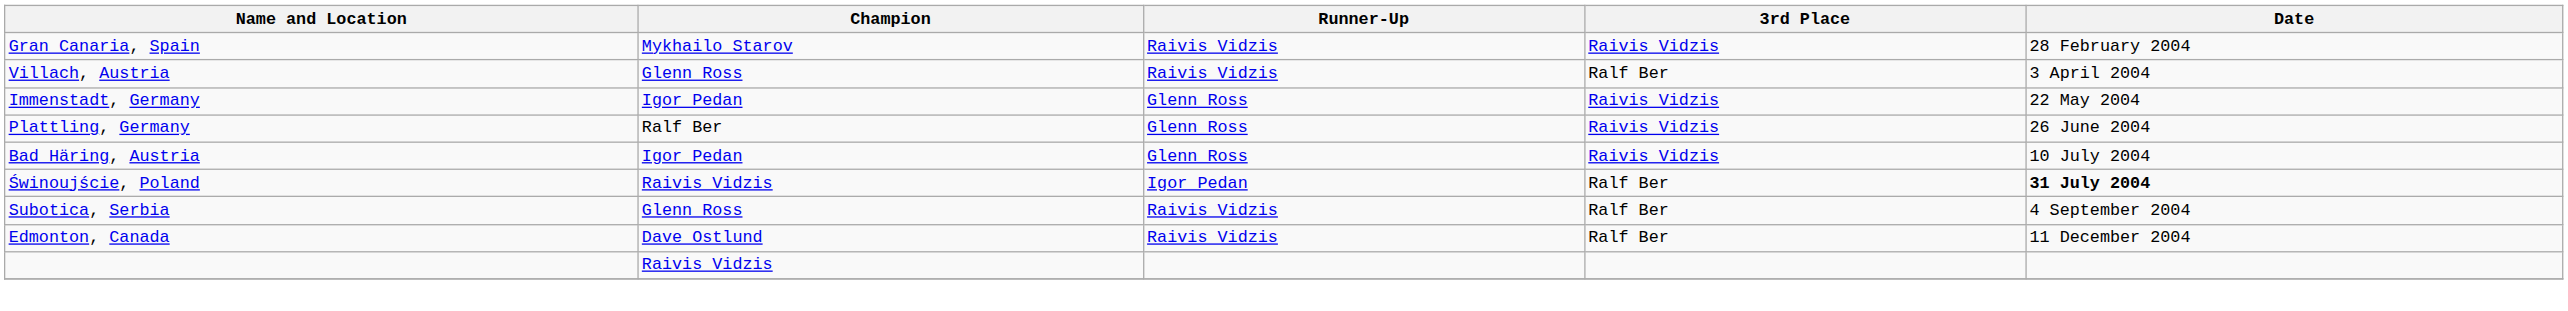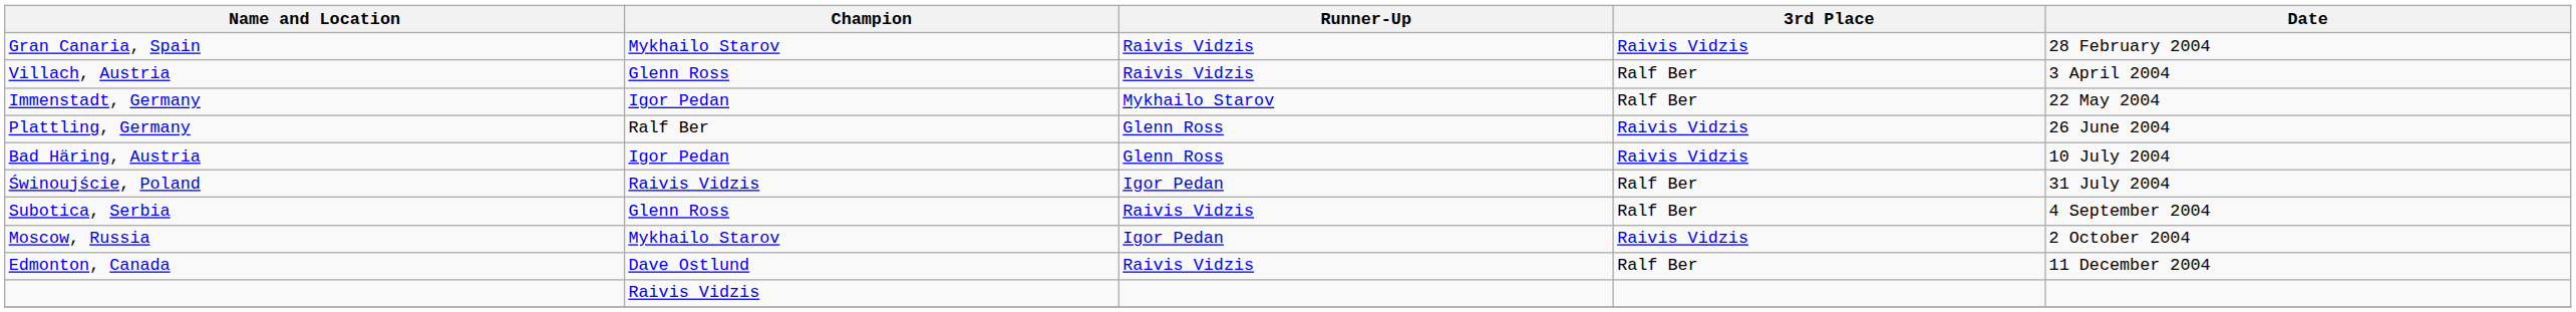 <table class="wikitable" style="display: inline-table;width: 100%;">
 <tr>
 <th>Name and Location</th>
 <th>Champion</th>
 <th>Runner-Up</th>
 <th>3rd Place</th>
 <th>Date</th>
 </tr>
 <tr>
 <td> <a href='#'>Gran Canaria</a>, <a href='#'>Spain</a><br> </td>
 <td> <a href='#'>Mykhailo Starov</a></td>
 <td> <a href='#'>Raivis Vidzis</a></td>
 <td> <a href='#'>Raivis Vidzis</a></td>
 <td>28 February 2004</td>
 </tr>
 <tr>
 <td> <a href='#'>Villach</a>, <a href='#'>Austria</a><br> </td>
 <td> <a href='#'>Glenn Ross</a></td>
 <td> <a href='#'>Raivis Vidzis</a></td>
 <td> Ralf Ber</td>
 <td>3 April 2004</td>
 </tr>
 <tr>
 <td> <a href='#'>Immenstadt</a>, <a href='#'>Germany</a><br> </td>
 <td> <a href='#'>Igor Pedan</a></td>
-<td> <a href='#'>Glenn Ross</a></td>
-<td> <a href='#'>Raivis Vidzis</a></td>
+<td> <a href='#'>Mykhailo Starov</a></td>
+<td> Ralf Ber</td>
 <td>22 May 2004</td>
 </tr>
 <tr>
 <td> <a href='#'>Plattling</a>, <a href='#'>Germany</a><br> </td>
 <td> Ralf Ber</td>
 <td> <a href='#'>Glenn Ross</a></td>
 <td> <a href='#'>Raivis Vidzis</a></td>
 <td>26 June 2004</td>
 </tr>
 <tr>
 <td> <a href='#'>Bad Häring</a>, <a href='#'>Austria</a><br> </td>
 <td> <a href='#'>Igor Pedan</a></td>
 <td> <a href='#'>Glenn Ross</a></td>
 <td> <a href='#'>Raivis Vidzis</a></td>
 <td>10 July 2004</td>
 </tr>
 <tr>
 <td> <a href='#'>Świnoujście</a>, <a href='#'>Poland</a><br> </td>
 <td> <a href='#'>Raivis Vidzis</a></td>
 <td> <a href='#'>Igor Pedan</a></td>
 <td> Ralf Ber</td>
-<td><strong>31 July 2004</strong></td>
+<td>31 July 2004</td>
 </tr>
 <tr>
 <td> <a href='#'>Subotica</a>, <a href='#'>Serbia</a><br> </td>
 <td> <a href='#'>Glenn Ross</a></td>
 <td> <a href='#'>Raivis Vidzis</a></td>
 <td> Ralf Ber</td>
 <td>4 September 2004</td>
+</tr>
+<tr>
+<td> <a href='#'>Moscow</a>, <a href='#'>Russia</a><br> </td>
+<td> <a href='#'>Mykhailo Starov</a></td>
+<td> <a href='#'>Igor Pedan</a></td>
+<td> <a href='#'>Raivis Vidzis</a></td>
+<td>2 October 2004</td>
 </tr>
 <tr>
 <td> <a href='#'>Edmonton</a>, <a href='#'>Canada</a><br> </td>
 <td> <a href='#'>Dave Ostlund</a></td>
 <td> <a href='#'>Raivis Vidzis</a></td>
 <td> Ralf Ber</td>
 <td>11 December 2004</td>
 </tr>
 <tr>
 <td></td>
 <td> <a href='#'>Raivis Vidzis</a></td>
 <td></td>
 <td></td>
 <td></td>
 </tr>
 <tr>
 </tr>
 </table>
